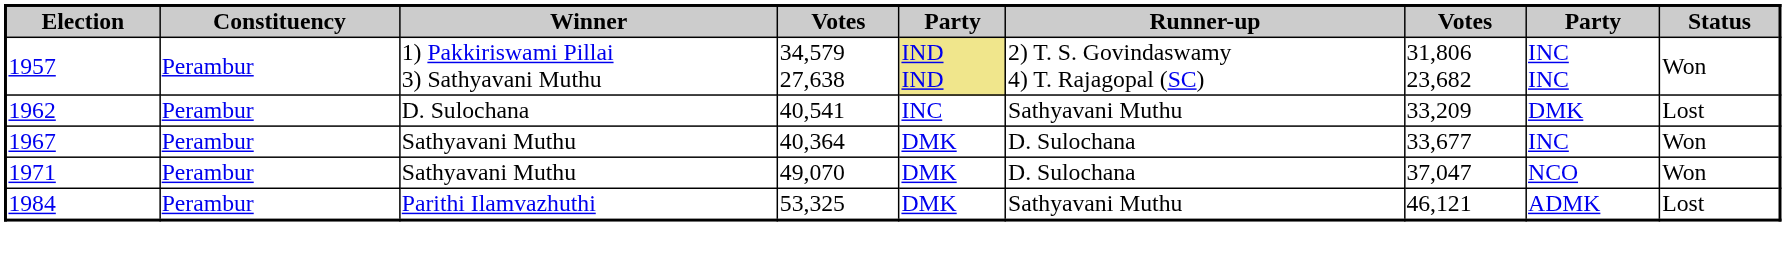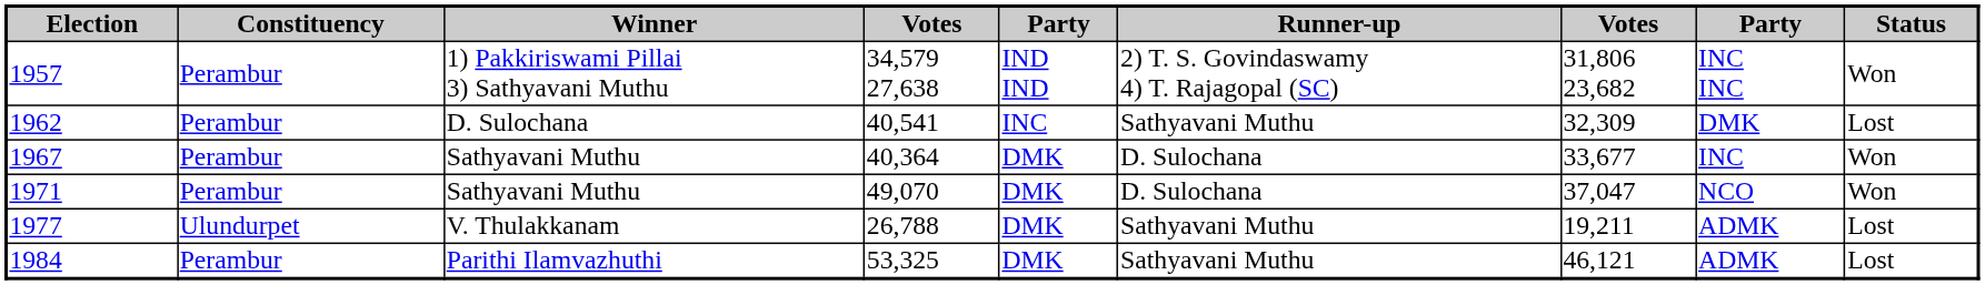 <table width="95%" cellpadding="1" cellspacing="0" border="1" style="border-collapse: collapse; border: 2px #000000 solid; font-size: x-big; font-family: verdana">
 <tr>
 <th style="background-color:#CCCCCC; color:black">Election</th>
 <th style="background-color:#CCCCCC; color:black">Constituency</th>
 <th style="background-color:#CCCCCC; color:black">Winner</th>
 <th style="background-color:#CCCCCC; color:black">Votes</th>
 <th style="background-color:#CCCCCC; color:black">Party</th>
 <th style="background-color:#CCCCCC; color:black">Runner-up</th>
 <th style="background-color:#CCCCCC; color:black">Votes</th>
 <th style="background-color:#CCCCCC; color:black">Party</th>
 <th style="background-color:#CCCCCC; color:black">Status</th>
 </tr>
 <tr ->
 <td><a href='#'>1957</a></td>
 <td><a href='#'>Perambur</a></td>
 <td>1) <a href='#'>Pakkiriswami Pillai</a><br>3) Sathyavani Muthu</td>
 <td>34,579 <br> 27,638</td>
-<td style="background: khaki;"><a href='#'>IND</a><br><a href='#'>IND</a></td>
+<td><a href='#'>IND</a><br><a href='#'>IND</a></td>
 <td>2) T. S. Govindaswamy <br> 4) T. Rajagopal (<a href='#'>SC</a>)</td>
 <td>31,806 <br> 23,682</td>
 <td><a href='#'>INC</a> <br> <a href='#'>INC</a></td>
 <td>Won</td>
 </tr>
 <tr ->
 <td><a href='#'>1962</a></td>
 <td><a href='#'>Perambur</a></td>
 <td>D. Sulochana</td>
 <td>40,541</td>
 <td><a href='#'>INC</a></td>
 <td>Sathyavani Muthu</td>
-<td>33,209</td>
+<td>32,309</td>
 <td><a href='#'>DMK</a></td>
 <td>Lost</td>
 </tr>
 <tr ->
 <td><a href='#'>1967</a></td>
 <td><a href='#'>Perambur</a></td>
 <td>Sathyavani Muthu</td>
 <td>40,364</td>
 <td><a href='#'>DMK</a></td>
 <td>D. Sulochana</td>
 <td>33,677</td>
 <td><a href='#'>INC</a></td>
 <td>Won</td>
 </tr>
 <tr ->
 <td><a href='#'>1971</a></td>
 <td><a href='#'>Perambur</a></td>
 <td>Sathyavani Muthu</td>
 <td>49,070</td>
 <td><a href='#'>DMK</a></td>
 <td>D. Sulochana</td>
 <td>37,047</td>
 <td><a href='#'>NCO</a></td>
 <td>Won</td>
 </tr>
 <tr ->
+<td><a href='#'>1977</a></td>
+<td><a href='#'>Ulundurpet</a></td>
+<td>V. Thulakkanam</td>
+<td>26,788</td>
+<td><a href='#'>DMK</a></td>
+<td>Sathyavani Muthu</td>
+<td>19,211</td>
+<td><a href='#'>ADMK</a></td>
+<td>Lost</td>
+</tr>
+<tr ->
 <td><a href='#'>1984</a></td>
 <td><a href='#'>Perambur</a></td>
 <td><a href='#'>Parithi Ilamvazhuthi</a></td>
 <td>53,325</td>
 <td><a href='#'>DMK</a></td>
 <td>Sathyavani Muthu</td>
 <td>46,121</td>
 <td><a href='#'>ADMK</a></td>
 <td>Lost</td>
 </tr>
 </table>
